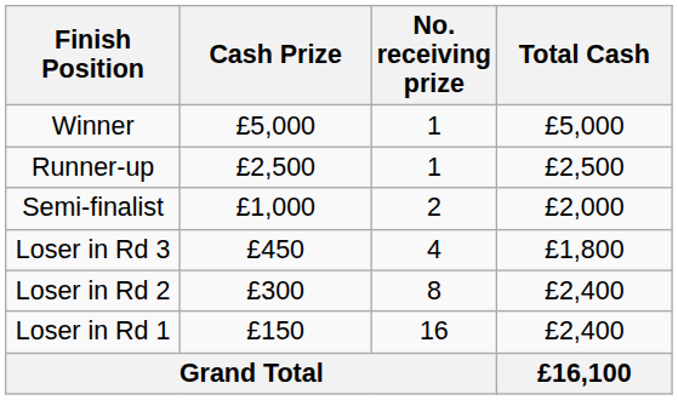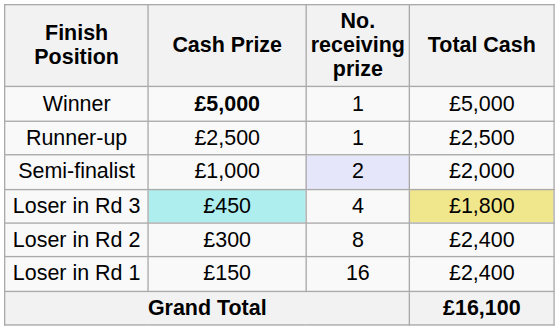 <table class="wikitable" style="text-align:center;">
 <tr>
 <th width=100 abbr="Finish Position">Finish Position</th>
 <th width=110 abbr="Cash Prize">Cash Prize</th>
 <th width=50 abbr="No. receiving prize">No. receiving prize</th>
 <th width=100 abbr="Total Cash">Total Cash</th>
 </tr>
 <tr>
 <td>Winner</td>
-<td>£5,000</td>
+<td><strong>£5,000</strong></td>
 <td>1</td>
 <td>£5,000</td>
 </tr>
 <tr>
 <td>Runner-up</td>
 <td>£2,500</td>
 <td>1</td>
 <td>£2,500</td>
 </tr>
 <tr>
 <td>Semi-finalist</td>
 <td>£1,000</td>
-<td>2</td>
+<td style="background: lavender;">2</td>
 <td>£2,000</td>
 </tr>
 <tr>
 <td>Loser in Rd 3</td>
-<td>£450</td>
+<td style="background: paleturquoise;">£450</td>
 <td>4</td>
-<td>£1,800</td>
+<td style="background: khaki;">£1,800</td>
 </tr>
 <tr>
 <td>Loser in Rd 2</td>
 <td>£300</td>
 <td>8</td>
 <td>£2,400</td>
 </tr>
 <tr>
 <td>Loser in Rd 1</td>
 <td>£150</td>
 <td>16</td>
 <td>£2,400</td>
 </tr>
 <tr>
 <th colspan="3">Grand Total</th>
 <th>£16,100</th>
 </tr>
 </table>
